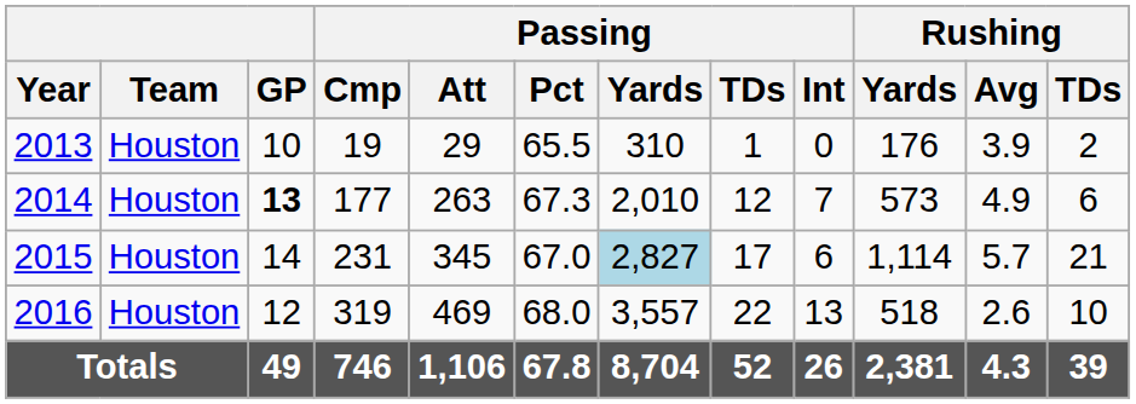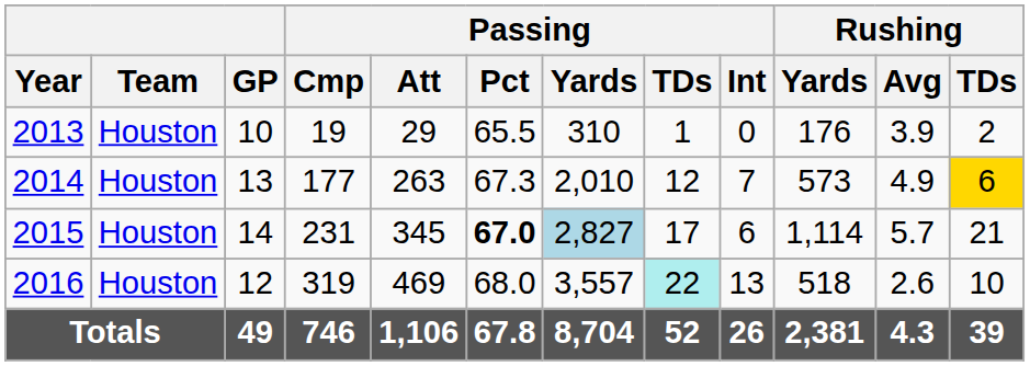 <table class="wikitable" style="text-align:center;">
 <tr>
 <th colspan=3></th>
 <th colspan=6>Passing</th>
 <th colspan=3>Rushing</th>
 </tr>
 <tr>
 <th>Year</th>
 <th>Team</th>
 <th>GP</th>
 <th>Cmp</th>
 <th>Att</th>
 <th>Pct</th>
 <th>Yards</th>
 <th>TDs</th>
 <th>Int</th>
 <th>Yards</th>
 <th>Avg</th>
 <th>TDs</th>
 </tr>
 <tr>
 <td><a href='#'>2013</a></td>
 <td><a href='#'>Houston</a></td>
 <td>10</td>
 <td>19</td>
 <td>29</td>
 <td>65.5</td>
 <td>310</td>
 <td>1</td>
 <td>0</td>
 <td>176</td>
 <td>3.9</td>
 <td>2</td>
 </tr>
 <tr>
 <td><a href='#'>2014</a></td>
 <td><a href='#'>Houston</a></td>
-<td><strong>13</strong></td>
+<td>13</td>
 <td>177</td>
 <td>263</td>
 <td>67.3</td>
 <td>2,010</td>
 <td>12</td>
 <td>7</td>
 <td>573</td>
 <td>4.9</td>
-<td>6</td>
+<td style="background: gold;">6</td>
 </tr>
 <tr>
 <td><a href='#'>2015</a></td>
 <td><a href='#'>Houston</a></td>
 <td>14</td>
 <td>231</td>
 <td>345</td>
-<td>67.0</td>
+<td><strong>67.0</strong></td>
 <td style="background: lightblue;">2,827</td>
 <td>17</td>
 <td>6</td>
 <td>1,114</td>
 <td>5.7</td>
 <td>21</td>
 </tr>
 <tr>
 <td><a href='#'>2016</a></td>
 <td><a href='#'>Houston</a></td>
 <td>12</td>
 <td>319</td>
 <td>469</td>
 <td>68.0</td>
 <td>3,557</td>
-<td>22</td>
+<td style="background: paleturquoise;">22</td>
 <td>13</td>
 <td>518</td>
 <td>2.6</td>
 <td>10</td>
 </tr>
 <tr style="background:#555; font-weight:bold; color:white;">
 <td colspan=2>Totals</td>
 <td>49</td>
 <td>746</td>
 <td>1,106</td>
 <td>67.8</td>
 <td>8,704</td>
 <td>52</td>
 <td>26</td>
 <td>2,381</td>
 <td>4.3</td>
 <td>39</td>
 </tr>
 </table>
